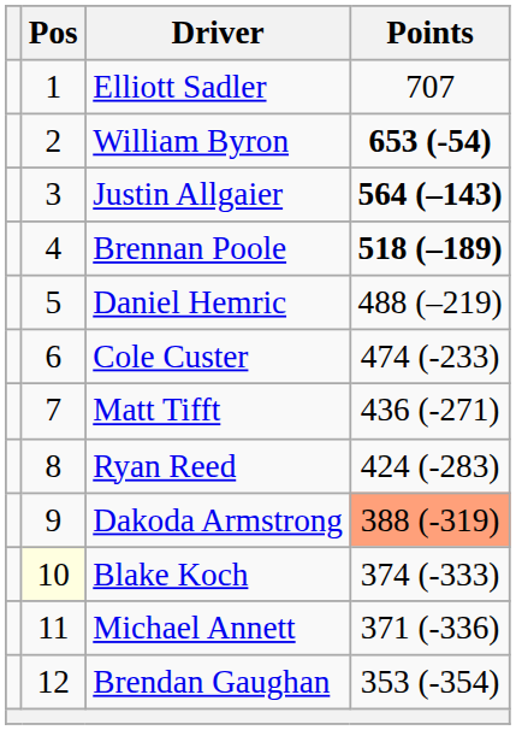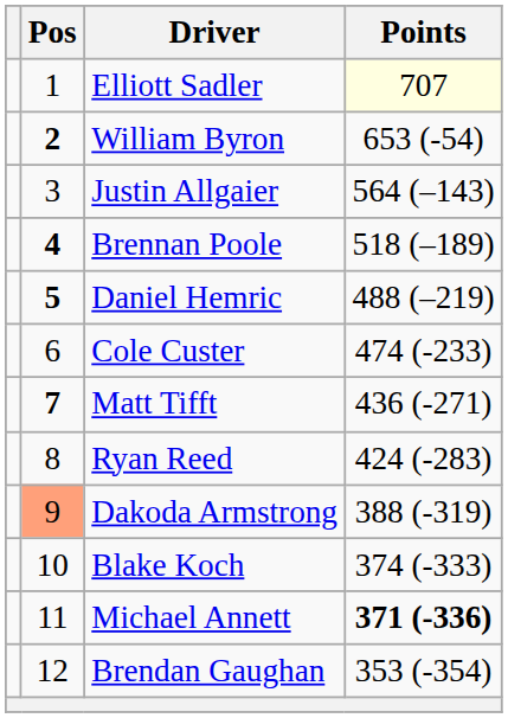 <table class="wikitable" style="font-size: 95%;">
 <tr>
 <th></th>
 <th>Pos</th>
 <th>Driver</th>
 <th>Points</th>
 </tr>
 <tr>
 <td align="left"></td>
 <td style="text-align:center;">1</td>
 <td><a href='#'>Elliott Sadler</a></td>
-<td style="text-align:center;">707</td>
+<td style="background: lightyellow; text-align:center;">707</td>
 </tr>
 <tr>
 <td align="left"></td>
-<td style="text-align:center;">2</td>
+<td style="text-align:center;"><strong>2</strong></td>
 <td><a href='#'>William Byron</a></td>
-<td style="text-align:center;"><strong>653 (-54)</strong></td>
+<td style="text-align:center;">653 (-54)</td>
 </tr>
 <tr>
 <td align="left"></td>
 <td style="text-align:center;">3</td>
 <td><a href='#'>Justin Allgaier</a></td>
-<td style="text-align:center;"><strong>564 (–143)</strong></td>
+<td style="text-align:center;">564 (–143)</td>
 </tr>
 <tr>
 <td align="left"></td>
-<td style="text-align:center;">4</td>
+<td style="text-align:center;"><strong>4</strong></td>
 <td><a href='#'>Brennan Poole</a></td>
-<td style="text-align:center;"><strong>518 (–189)</strong></td>
+<td style="text-align:center;">518 (–189)</td>
 </tr>
 <tr>
 <td align="left"></td>
-<td style="text-align:center;">5</td>
+<td style="text-align:center;"><strong>5</strong></td>
 <td><a href='#'>Daniel Hemric</a></td>
 <td style="text-align:center;">488 (–219)</td>
 </tr>
 <tr>
 <td align="left"></td>
 <td style="text-align:center;">6</td>
 <td><a href='#'>Cole Custer</a></td>
 <td style="text-align:center;">474 (-233)</td>
 </tr>
 <tr>
 <td align="left"></td>
-<td style="text-align:center;">7</td>
+<td style="text-align:center;"><strong>7</strong></td>
 <td><a href='#'>Matt Tifft</a></td>
 <td style="text-align:center;">436 (-271)</td>
 </tr>
 <tr>
 <td align="left"></td>
 <td style="text-align:center;">8</td>
 <td><a href='#'>Ryan Reed</a></td>
 <td style="text-align:center;">424 (-283)</td>
 </tr>
 <tr>
 <td align="left"></td>
-<td style="text-align:center;">9</td>
+<td style="background: lightsalmon; text-align:center;">9</td>
 <td><a href='#'>Dakoda Armstrong</a></td>
-<td style="background: lightsalmon; text-align:center;">388 (-319)</td>
+<td style="text-align:center;">388 (-319)</td>
 </tr>
 <tr>
 <td align="left"></td>
-<td style="background: lightyellow; text-align:center;">10</td>
+<td style="text-align:center;">10</td>
 <td><a href='#'>Blake Koch</a></td>
 <td style="text-align:center;">374 (-333)</td>
 </tr>
 <tr>
 <td align="left"></td>
 <td style="text-align:center;">11</td>
 <td><a href='#'>Michael Annett</a></td>
-<td style="text-align:center;">371 (-336)</td>
+<td style="text-align:center;"><strong>371 (-336)</strong></td>
 </tr>
 <tr>
 <td align="left"></td>
 <td style="text-align:center;">12</td>
 <td><a href='#'>Brendan Gaughan</a></td>
 <td style="text-align:center;">353 (-354)</td>
 </tr>
 <tr class="sortbottom">
 <th colspan="9"></th>
 </tr>
 </table>
